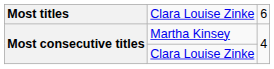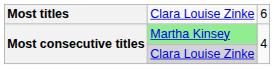 <table class=wikitable>
 <tr>
 <th style="text-align:left;">Most titles</th>
 <td> <a href='#'>Clara Louise Zinke</a></td>
 <td style="text-align:center;">6</td>
 </tr>
 <tr>
 <th rowspan = 2 style="text-align:left;">Most consecutive titles<br></th>
-<td> <a href='#'>Martha Kinsey</a> </td>
+<td style="background: lightgreen;"> <a href='#'>Martha Kinsey</a> </td>
 <td rowspan = 2 style="text-align:center;">4</td>
 </tr>
 <tr>
-<td> <a href='#'>Clara Louise Zinke</a> </td>
+<td style="background: lightgrey;"> <a href='#'>Clara Louise Zinke</a> </td>
 </tr>
 </table>
